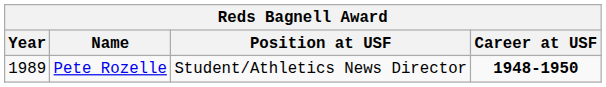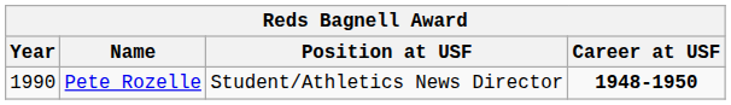 <table class="wikitable">
 <tr align="center">
 <th colspan=5>Reds Bagnell Award</th>
 </tr>
 <tr>
 <th>Year</th>
 <th>Name</th>
 <th>Position at USF</th>
 <th>Career at USF</th>
 </tr>
 <tr align="center" bgcolor="">
-<td>1989</td>
+<td>1990</td>
 <td><a href='#'>Pete Rozelle</a></td>
 <td>Student/Athletics News Director</td>
 <td><strong>1948-1950</strong></td>
 </tr>
 </table>
